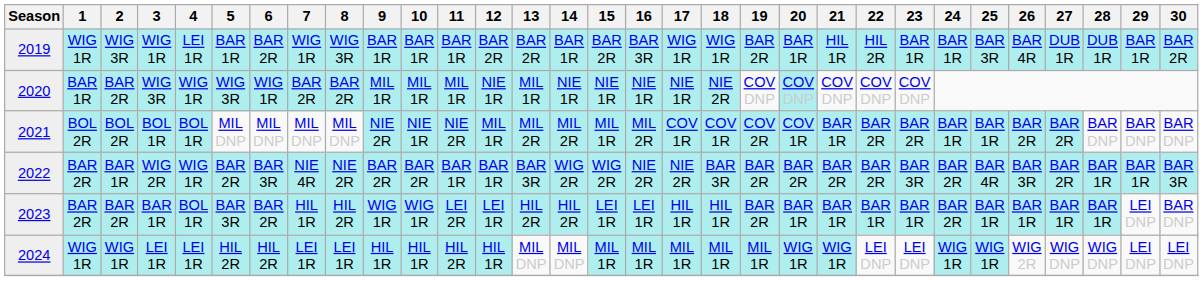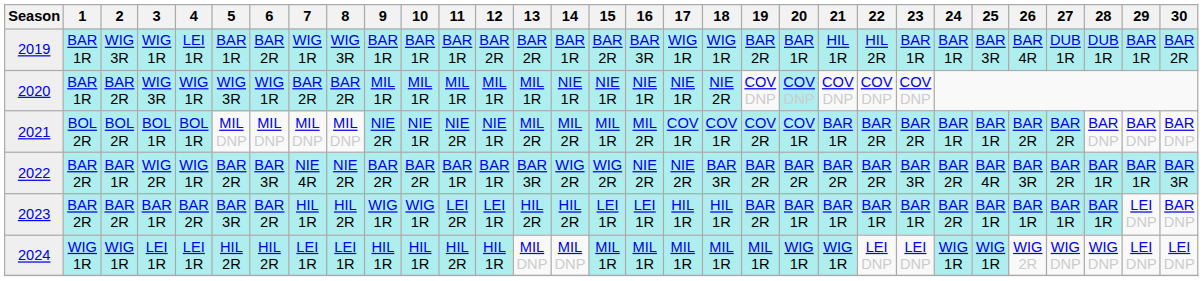 <table class="wikitable" style="width:18%; margin:0; font-size:75%">
 <tr>
 <th>Season</th>
 <th>1</th>
 <th>2</th>
 <th>3</th>
 <th>4</th>
 <th>5</th>
 <th>6</th>
 <th>7</th>
 <th>8</th>
 <th>9</th>
 <th>10</th>
 <th>11</th>
 <th>12</th>
 <th>13</th>
 <th>14</th>
 <th>15</th>
 <th>16</th>
 <th>17</th>
 <th>18</th>
 <th>19</th>
 <th>20</th>
 <th>21</th>
 <th>22</th>
 <th>23</th>
 <th>24</th>
 <th>25</th>
 <th>26</th>
 <th>27</th>
 <th>28</th>
 <th>29</th>
 <th>30</th>
 </tr>
 <tr>
 <td style="text-align:center; background:#efefef;"><a href='#'>2019</a></td>
-<td style="text-align:center; background:#afeeee;"><a href='#'>WIG</a><br>1R</td>
+<td style="text-align:center; background:#afeeee;"><a href='#'>BAR</a><br>1R</td>
 <td style="text-align:center; background:#afeeee;"><a href='#'>WIG</a><br>3R</td>
 <td style="text-align:center; background:#afeeee;"><a href='#'>WIG</a><br>1R</td>
 <td style="text-align:center; background:#afeeee;"><a href='#'>LEI</a><br>1R</td>
 <td style="text-align:center; background:#afeeee;"><a href='#'>BAR</a><br>1R</td>
 <td style="text-align:center; background:#afeeee;"><a href='#'>BAR</a><br>2R</td>
 <td style="text-align:center; background:#afeeee;"><a href='#'>WIG</a><br>1R</td>
 <td style="text-align:center; background:#afeeee;"><a href='#'>WIG</a><br>3R</td>
 <td style="text-align:center; background:#afeeee;"><a href='#'>BAR</a><br>1R</td>
 <td style="text-align:center; background:#afeeee;"><a href='#'>BAR</a><br>1R</td>
 <td style="text-align:center; background:#afeeee;"><a href='#'>BAR</a><br>1R</td>
 <td style="text-align:center; background:#afeeee;"><a href='#'>BAR</a><br>2R</td>
 <td style="text-align:center; background:#afeeee;"><a href='#'>BAR</a><br>2R</td>
 <td style="text-align:center; background:#afeeee;"><a href='#'>BAR</a><br>1R</td>
 <td style="text-align:center; background:#afeeee;"><a href='#'>BAR</a><br>2R</td>
 <td style="text-align:center; background:#afeeee;"><a href='#'>BAR</a><br>3R</td>
 <td style="text-align:center; background:#afeeee;"><a href='#'>WIG</a><br>1R</td>
 <td style="text-align:center; background:#afeeee;"><a href='#'>WIG</a><br>1R</td>
 <td style="text-align:center; background:#afeeee;"><a href='#'>BAR</a><br>2R</td>
 <td style="text-align:center; background:#afeeee;"><a href='#'>BAR</a><br>1R</td>
 <td style="text-align:center; background:#afeeee;"><a href='#'>HIL</a><br>1R</td>
 <td style="text-align:center; background:#afeeee;"><a href='#'>HIL</a><br>2R</td>
 <td style="text-align:center; background:#afeeee;"><a href='#'>BAR</a><br>1R</td>
 <td style="text-align:center; background:#afeeee;"><a href='#'>BAR</a><br>1R</td>
 <td style="text-align:center; background:#afeeee;"><a href='#'>BAR</a><br>3R</td>
 <td style="text-align:center; background:#afeeee;"><a href='#'>BAR</a><br>4R</td>
 <td style="text-align:center; background:#afeeee;"><a href='#'>DUB</a><br>1R</td>
 <td style="text-align:center; background:#afeeee;"><a href='#'>DUB</a><br>1R</td>
 <td style="text-align:center; background:#afeeee;"><a href='#'>BAR</a><br>1R</td>
 <td style="text-align:center; background:#afeeee;"><a href='#'>BAR</a><br>2R</td>
 </tr>
 <tr>
 <td style="text-align:center; background:#efefef;"><a href='#'>2020</a></td>
 <td style="text-align:center; background:#afeeee;"><a href='#'>BAR</a><br>1R</td>
 <td style="text-align:center; background:#afeeee;"><a href='#'>BAR</a><br>2R</td>
 <td style="text-align:center; background:#afeeee;"><a href='#'>WIG</a><br>3R</td>
 <td style="text-align:center; background:#afeeee;"><a href='#'>WIG</a><br>1R</td>
 <td style="text-align:center; background:#afeeee;"><a href='#'>WIG</a><br>3R</td>
 <td style="text-align:center; background:#afeeee;"><a href='#'>WIG</a><br>1R</td>
 <td style="text-align:center; background:#afeeee;"><a href='#'>BAR</a><br>2R</td>
 <td style="text-align:center; background:#afeeee;"><a href='#'>BAR</a><br>2R</td>
 <td style="text-align:center; background:#afeeee;"><a href='#'>MIL</a><br>1R</td>
 <td style="text-align:center; background:#afeeee;"><a href='#'>MIL</a><br>1R</td>
 <td style="text-align:center; background:#afeeee;"><a href='#'>MIL</a><br>1R</td>
-<td style="text-align:center; background:#afeeee;"><a href='#'>NIE</a><br>1R</td>
+<td style="text-align:center; background:#afeeee;"><a href='#'>MIL</a><br>1R</td>
 <td style="text-align:center; background:#afeeee;"><a href='#'>MIL</a><br>1R</td>
 <td style="text-align:center; background:#afeeee;"><a href='#'>NIE</a><br>1R</td>
 <td style="text-align:center; background:#afeeee;"><a href='#'>NIE</a><br>1R</td>
 <td style="text-align:center; background:#afeeee;"><a href='#'>NIE</a><br>1R</td>
 <td style="text-align:center; background:#afeeee;"><a href='#'>NIE</a><br>1R</td>
 <td style="text-align:center; background:#afeeee;"><a href='#'>NIE</a><br>2R</td>
 <td style="text-align:center; color:#ccc;"><a href='#'>COV</a><br>DNP</td>
 <td style="background: paleturquoise; text-align:center; color:#ccc;"><a href='#'>COV</a><br>DNP</td>
 <td style="text-align:center; color:#ccc;"><a href='#'>COV</a><br>DNP</td>
 <td style="text-align:center; color:#ccc;"><a href='#'>COV</a><br>DNP</td>
 <td style="text-align:center; color:#ccc;"><a href='#'>COV</a><br>DNP</td>
 </tr>
 <tr>
 <td style="text-align:center; background:#efefef;"><a href='#'>2021</a></td>
 <td style="text-align:center; background:#afeeee;"><a href='#'>BOL</a><br>2R</td>
 <td style="text-align:center; background:#afeeee;"><a href='#'>BOL</a><br>2R</td>
 <td style="text-align:center; background:#afeeee;"><a href='#'>BOL</a><br>1R</td>
 <td style="text-align:center; background:#afeeee;"><a href='#'>BOL</a><br>1R</td>
 <td style="text-align:center; color:#ccc;"><a href='#'>MIL</a><br>DNP</td>
 <td style="text-align:center; color:#ccc;"><a href='#'>MIL</a><br>DNP</td>
 <td style="text-align:center; color:#ccc;"><a href='#'>MIL</a><br>DNP</td>
 <td style="text-align:center; color:#ccc;"><a href='#'>MIL</a><br>DNP</td>
 <td style="text-align:center; background:#afeeee;"><a href='#'>NIE</a><br>2R</td>
 <td style="text-align:center; background:#afeeee;"><a href='#'>NIE</a><br>1R</td>
 <td style="text-align:center; background:#afeeee;"><a href='#'>NIE</a><br>2R</td>
-<td style="text-align:center; background:#afeeee;"><a href='#'>MIL</a><br>1R</td>
+<td style="text-align:center; background:#afeeee;"><a href='#'>NIE</a><br>1R</td>
 <td style="text-align:center; background:#afeeee;"><a href='#'>MIL</a><br>2R</td>
 <td style="text-align:center; background:#afeeee;"><a href='#'>MIL</a><br>2R</td>
 <td style="text-align:center; background:#afeeee;"><a href='#'>MIL</a><br>1R</td>
 <td style="text-align:center; background:#afeeee;"><a href='#'>MIL</a><br>2R</td>
 <td style="text-align:center; background:#afeeee;"><a href='#'>COV</a><br>1R</td>
 <td style="text-align:center; background:#afeeee;"><a href='#'>COV</a><br>1R</td>
 <td style="text-align:center; background:#afeeee;"><a href='#'>COV</a><br>2R</td>
 <td style="text-align:center; background:#afeeee;"><a href='#'>COV</a><br>1R</td>
 <td style="text-align:center; background:#afeeee;"><a href='#'>BAR</a><br>1R</td>
 <td style="text-align:center; background:#afeeee;"><a href='#'>BAR</a><br>2R</td>
 <td style="text-align:center; background:#afeeee;"><a href='#'>BAR</a><br>2R</td>
 <td style="text-align:center; background:#afeeee;"><a href='#'>BAR</a><br>1R</td>
 <td style="text-align:center; background:#afeeee;"><a href='#'>BAR</a><br>1R</td>
 <td style="text-align:center; background:#afeeee;"><a href='#'>BAR</a><br>2R</td>
 <td style="text-align:center; background:#afeeee;"><a href='#'>BAR</a><br>2R</td>
 <td style="text-align:center; color:#ccc;"><a href='#'>BAR</a><br>DNP</td>
 <td style="text-align:center; color:#ccc;"><a href='#'>BAR</a><br>DNP</td>
 <td style="text-align:center; color:#ccc;"><a href='#'>BAR</a><br>DNP</td>
 </tr>
 <tr>
 <td style="text-align:center; background:#efefef;"><a href='#'>2022</a></td>
 <td style="text-align:center; background:#afeeee;"><a href='#'>BAR</a><br>2R</td>
 <td style="text-align:center; background:#afeeee;"><a href='#'>BAR</a><br>1R</td>
 <td style="text-align:center; background:#afeeee;"><a href='#'>WIG</a><br>2R</td>
 <td style="text-align:center; background:#afeeee;"><a href='#'>WIG</a><br>1R</td>
 <td style="text-align:center; background:#afeeee;"><a href='#'>BAR</a><br>2R</td>
 <td style="text-align:center; background:#afeeee;"><a href='#'>BAR</a><br>3R</td>
 <td style="text-align:center; background:#afeeee;"><a href='#'>NIE</a><br>4R</td>
 <td style="text-align:center; background:#afeeee;"><a href='#'>NIE</a><br>2R</td>
 <td style="text-align:center; background:#afeeee;"><a href='#'>BAR</a><br>2R</td>
 <td style="text-align:center; background:#afeeee;"><a href='#'>BAR</a><br>2R</td>
 <td style="text-align:center; background:#afeeee;"><a href='#'>BAR</a><br>1R</td>
 <td style="text-align:center; background:#afeeee;"><a href='#'>BAR</a><br>1R</td>
 <td style="text-align:center; background:#afeeee;"><a href='#'>BAR</a><br>3R</td>
 <td style="text-align:center; background:#afeeee;"><a href='#'>WIG</a><br>2R</td>
 <td style="text-align:center; background:#afeeee;"><a href='#'>WIG</a><br>2R</td>
 <td style="text-align:center; background:#afeeee;"><a href='#'>NIE</a><br>2R</td>
 <td style="text-align:center; background:#afeeee;"><a href='#'>NIE</a><br>2R</td>
 <td style="text-align:center; background:#afeeee;"><a href='#'>BAR</a><br>3R</td>
 <td style="text-align:center; background:#afeeee;"><a href='#'>BAR</a><br>2R</td>
 <td style="text-align:center; background:#afeeee;"><a href='#'>BAR</a><br>2R</td>
 <td style="text-align:center; background:#afeeee;"><a href='#'>BAR</a><br>2R</td>
 <td style="text-align:center; background:#afeeee;"><a href='#'>BAR</a><br>2R</td>
 <td style="text-align:center; background:#afeeee;"><a href='#'>BAR</a><br>3R</td>
 <td style="text-align:center; background:#afeeee;"><a href='#'>BAR</a><br>2R</td>
 <td style="text-align:center; background:#afeeee;"><a href='#'>BAR</a><br>4R</td>
 <td style="text-align:center; background:#afeeee;"><a href='#'>BAR</a><br>3R</td>
 <td style="text-align:center; background:#afeeee;"><a href='#'>BAR</a><br>2R</td>
 <td style="text-align:center; background:#afeeee;"><a href='#'>BAR</a><br>1R</td>
 <td style="text-align:center; background:#afeeee;"><a href='#'>BAR</a><br>1R</td>
 <td style="text-align:center; background:#afeeee;"><a href='#'>BAR</a><br>3R</td>
 </tr>
 <tr>
 <td style="text-align:center; background:#efefef;"><a href='#'>2023</a></td>
 <td style="text-align:center; background:#afeeee;"><a href='#'>BAR</a><br>2R</td>
 <td style="text-align:center; background:#afeeee;"><a href='#'>BAR</a><br>2R</td>
 <td style="text-align:center; background:#afeeee;"><a href='#'>BAR</a><br>1R</td>
-<td style="text-align:center; background:#afeeee;"><a href='#'>BOL</a><br>1R</td>
+<td style="text-align:center; background:#afeeee;"><a href='#'>BAR</a><br>2R</td>
 <td style="text-align:center; background:#afeeee;"><a href='#'>BAR</a><br>3R</td>
 <td style="text-align:center; background:#afeeee;"><a href='#'>BAR</a><br>2R</td>
 <td style="text-align:center; background:#afeeee;"><a href='#'>HIL</a><br>1R</td>
 <td style="text-align:center; background:#afeeee;"><a href='#'>HIL</a><br>2R</td>
 <td style="text-align:center; background:#afeeee;"><a href='#'>WIG</a><br>1R</td>
 <td style="text-align:center; background:#afeeee;"><a href='#'>WIG</a><br>1R</td>
 <td style="text-align:center; background:#afeeee;"><a href='#'>LEI</a><br>2R</td>
 <td style="text-align:center; background:#afeeee;"><a href='#'>LEI</a><br>1R</td>
 <td style="text-align:center; background:#afeeee;"><a href='#'>HIL</a><br>2R</td>
 <td style="text-align:center; background:#afeeee;"><a href='#'>HIL</a><br>2R</td>
 <td style="text-align:center; background:#afeeee;"><a href='#'>LEI</a><br>1R</td>
 <td style="text-align:center; background:#afeeee;"><a href='#'>LEI</a><br>1R</td>
 <td style="text-align:center; background:#afeeee;"><a href='#'>HIL</a><br>1R</td>
 <td style="text-align:center; background:#afeeee;"><a href='#'>HIL</a><br>1R</td>
 <td style="text-align:center; background:#afeeee;"><a href='#'>BAR</a><br>2R</td>
 <td style="text-align:center; background:#afeeee;"><a href='#'>BAR</a><br>1R</td>
 <td style="text-align:center; background:#afeeee;"><a href='#'>BAR</a><br>1R</td>
 <td style="text-align:center; background:#afeeee;"><a href='#'>BAR</a><br>1R</td>
 <td style="text-align:center; background:#afeeee;"><a href='#'>BAR</a><br>1R</td>
 <td style="text-align:center; background:#afeeee;"><a href='#'>BAR</a><br>2R</td>
 <td style="text-align:center; background:#afeeee;"><a href='#'>BAR</a><br>1R</td>
 <td style="text-align:center; background:#afeeee;"><a href='#'>BAR</a><br>1R</td>
 <td style="text-align:center; background:#afeeee;"><a href='#'>BAR</a><br>1R</td>
 <td style="text-align:center; background:#afeeee;"><a href='#'>BAR</a><br>1R</td>
 <td style="text-align:center; color:#ccc;"><a href='#'>LEI</a><br>DNP</td>
 <td style="text-align:center; color:#ccc;"><a href='#'>BAR</a><br>DNP</td>
 </tr>
 <tr>
 <td style="text-align:center; background:#efefef;"><a href='#'>2024</a></td>
 <td style="text-align:center; background:#afeeee;"><a href='#'>WIG</a><br>1R</td>
 <td style="text-align:center; background:#afeeee;"><a href='#'>WIG</a><br>1R</td>
 <td style="text-align:center; background:#afeeee;"><a href='#'>LEI</a><br>1R</td>
 <td style="text-align:center; background:#afeeee;"><a href='#'>LEI</a><br>1R</td>
 <td style="text-align:center; background:#afeeee;"><a href='#'>HIL</a><br>2R</td>
 <td style="text-align:center; background:#afeeee;"><a href='#'>HIL</a><br>2R</td>
 <td style="text-align:center; background:#afeeee;"><a href='#'>LEI</a><br>1R</td>
 <td style="text-align:center; background:#afeeee;"><a href='#'>LEI</a><br>1R</td>
 <td style="text-align:center; background:#afeeee;"><a href='#'>HIL</a><br>1R</td>
 <td style="text-align:center; background:#afeeee;"><a href='#'>HIL</a><br>1R</td>
 <td style="text-align:center; background:#afeeee;"><a href='#'>HIL</a><br>2R</td>
 <td style="text-align:center; background:#afeeee;"><a href='#'>HIL</a><br>1R</td>
 <td style="text-align:center; color:#ccc;"><a href='#'>MIL</a><br>DNP</td>
 <td style="text-align:center; color:#ccc;"><a href='#'>MIL</a><br>DNP</td>
 <td style="text-align:center; background:#afeeee;"><a href='#'>MIL</a><br>1R</td>
 <td style="text-align:center; background:#afeeee;"><a href='#'>MIL</a><br>1R</td>
 <td style="text-align:center; background:#afeeee;"><a href='#'>MIL</a><br>1R</td>
 <td style="text-align:center; background:#afeeee;"><a href='#'>MIL</a><br>1R</td>
 <td style="text-align:center; background:#afeeee;"><a href='#'>MIL</a><br>1R</td>
 <td style="text-align:center; background:#afeeee;"><a href='#'>WIG</a><br>1R</td>
 <td style="text-align:center; background:#afeeee;"><a href='#'>WIG</a><br>1R</td>
 <td style="text-align:center; color:#ccc;"><a href='#'>LEI</a><br>DNP</td>
 <td style="text-align:center; color:#ccc;"><a href='#'>LEI</a><br>DNP</td>
 <td style="text-align:center; background:#afeeee;"><a href='#'>WIG</a><br>1R</td>
 <td style="text-align:center; background:#afeeee;"><a href='#'>WIG</a><br>1R</td>
 <td style="text-align:center; color:#ccc;"><a href='#'>WIG</a><br>2R</td>
 <td style="text-align:center; color:#ccc;"><a href='#'>WIG</a><br>DNP</td>
 <td style="text-align:center; color:#ccc;"><a href='#'>WIG</a><br>DNP</td>
 <td style="text-align:center; color:#ccc;"><a href='#'>LEI</a><br>DNP</td>
 <td style="text-align:center; color:#ccc;"><a href='#'>LEI</a><br>DNP</td>
 </tr>
 <tr>
 </tr>
 </table>
